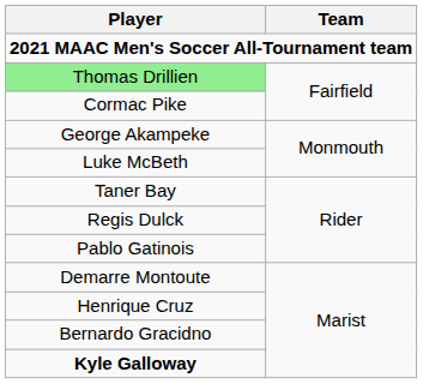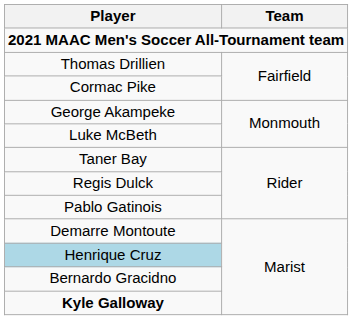 <table class="wikitable" style="white-space:nowrap; text-align: center;">
 <tr>
 <th>Player</th>
 <th>Team</th>
 </tr>
 <tr>
 <td colspan="2"><strong>2021 MAAC Men's Soccer All-Tournament team</strong></td>
 </tr>
 <tr>
-<td style="background: lightgreen;">Thomas Drillien</td>
+<td>Thomas Drillien</td>
 <td rowspan=2>Fairfield</td>
 </tr>
 <tr>
 <td>Cormac Pike</td>
 </tr>
 <tr>
 <td>George Akampeke</td>
 <td rowspan=2>Monmouth</td>
 </tr>
 <tr>
 <td>Luke McBeth</td>
 </tr>
 <tr>
 <td>Taner Bay</td>
 <td rowspan=3>Rider</td>
 </tr>
 <tr>
 <td>Regis Dulck</td>
 </tr>
 <tr>
 <td>Pablo Gatinois</td>
 </tr>
 <tr>
 <td>Demarre Montoute</td>
 <td rowspan=4>Marist</td>
 </tr>
 <tr>
-<td>Henrique Cruz</td>
+<td style="background: lightblue;">Henrique Cruz</td>
 </tr>
 <tr>
 <td>Bernardo Gracidno</td>
 </tr>
 <tr>
 <td><strong>Kyle Galloway</strong></td>
 </tr>
 </table>
